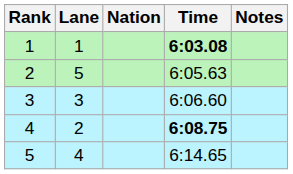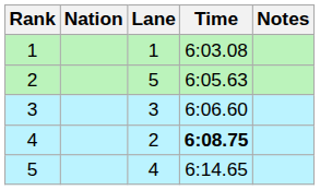 <table class="wikitable sortable" style="text-align:center">
 <tr>
 <th>Rank</th>
+<th>Nation</th>
 <th>Lane</th>
-<th>Nation</th>
 <th>Time</th>
 <th>Notes</th>
 </tr>
 <tr bgcolor=bbf3bb>
 <td>1</td>
+<td align=left></td>
 <td>1</td>
-<td align=left></td>
-<td><strong>6:03.08</strong></td>
+<td>6:03.08</td>
 <td></td>
 </tr>
 <tr bgcolor=bbf3bb>
 <td>2</td>
+<td align=left></td>
 <td>5</td>
-<td align=left></td>
 <td>6:05.63</td>
 <td></td>
 </tr>
 <tr bgcolor=bbf3ff>
 <td>3</td>
+<td align=left></td>
 <td>3</td>
-<td align=left></td>
 <td>6:06.60</td>
 <td></td>
 </tr>
 <tr bgcolor=bbf3ff>
 <td>4</td>
+<td align=left></td>
 <td>2</td>
-<td align=left></td>
 <td><strong>6:08.75</strong></td>
 <td></td>
 </tr>
 <tr bgcolor=bbf3ff>
 <td>5</td>
+<td align=left></td>
 <td>4</td>
-<td align=left></td>
 <td>6:14.65</td>
 <td></td>
 </tr>
 </table>
